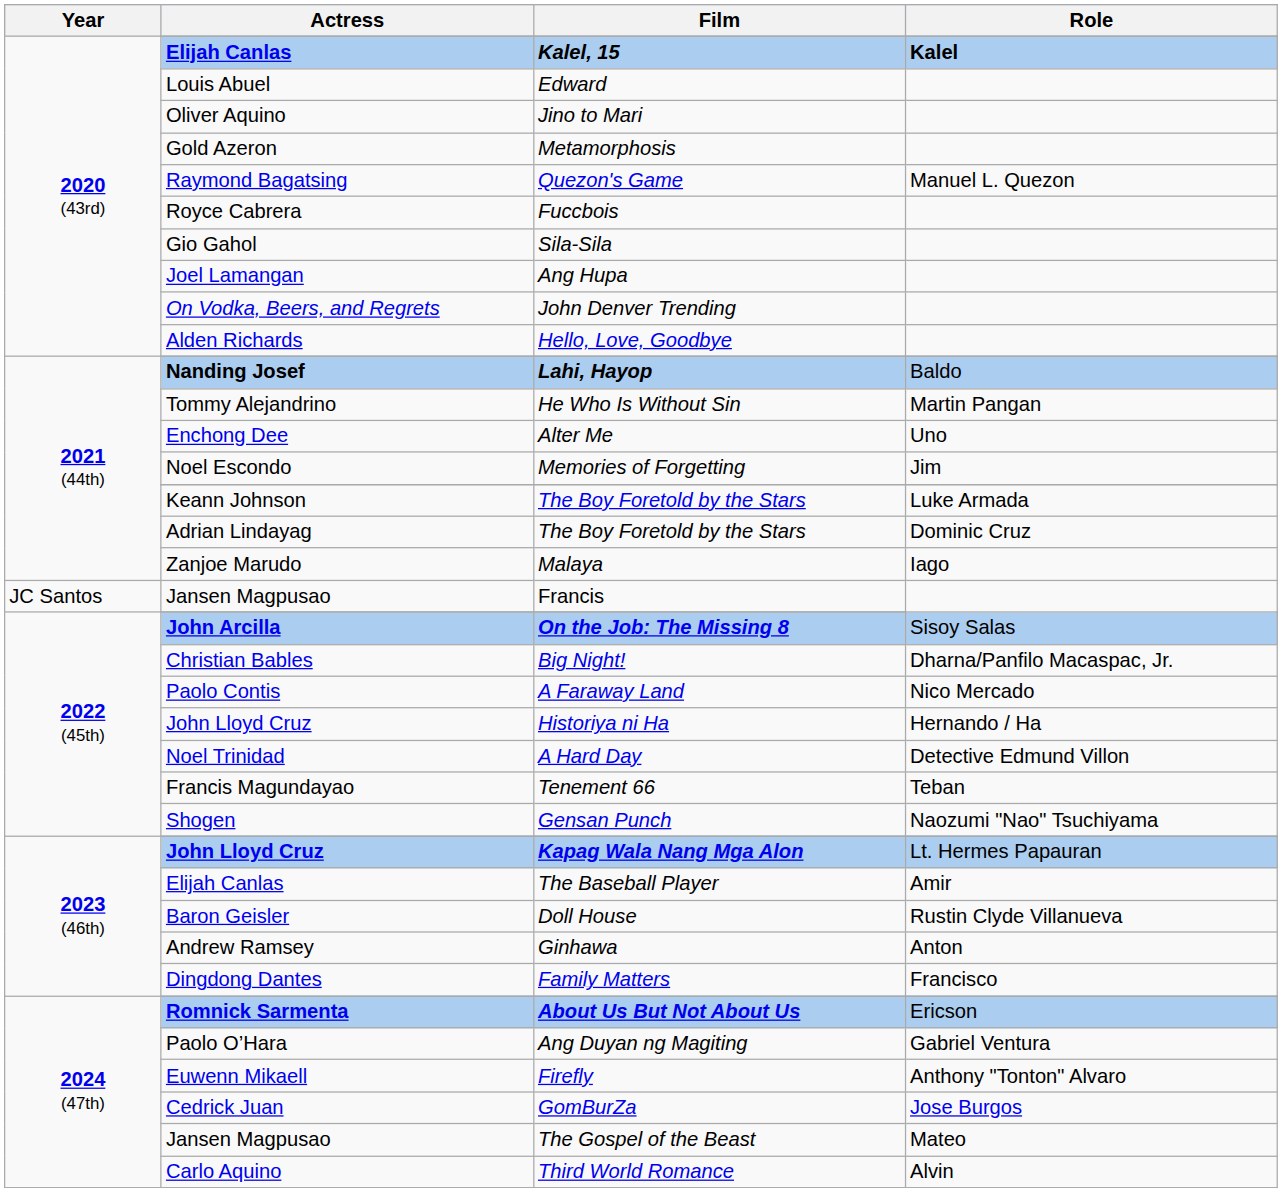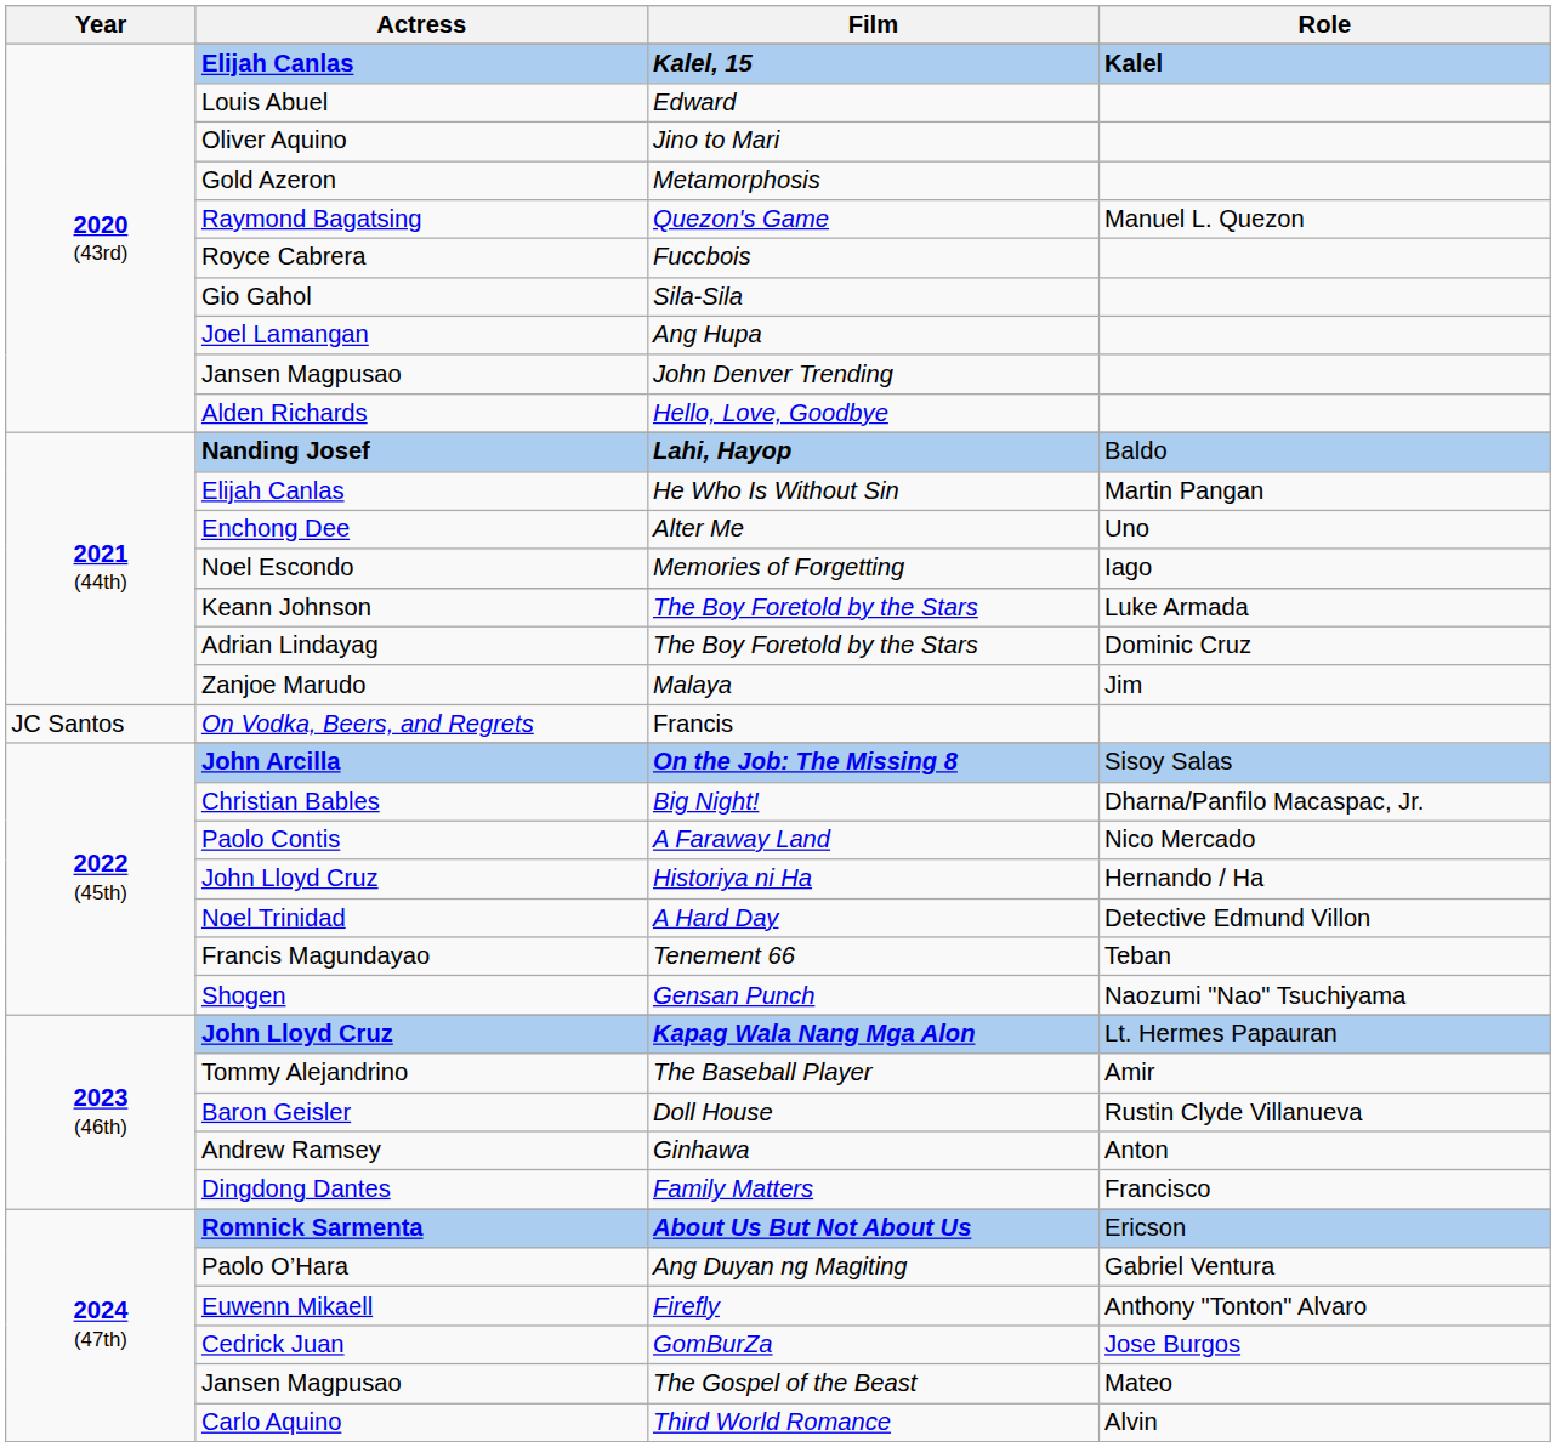 <table class="wikitable" style="width:80%">
 <tr bgcolor="#ABCDEF">
 <th width="8%">Year</th>
 <th width="19%">Actress</th>
 <th width="19%">Film</th>
 <th width="19%">Role</th>
 </tr>
 <tr>
 <td rowspan=11 style="text-align:center"><strong><a href='#'>2020</a></strong><br><small>(43rd)</small></td>
 </tr>
 <tr style="background:#ABCDEF">
 <td><strong><a href='#'>Elijah Canlas</a></strong></td>
 <td><strong><em>Kalel, 15</em></strong></td>
 <td><strong>Kalel</strong></td>
 </tr>
 <tr>
 <td>Louis Abuel</td>
 <td><em>Edward</em></td>
 <td></td>
 </tr>
 <tr>
 <td>Oliver Aquino</td>
 <td><em>Jino to Mari</em></td>
 <td></td>
 </tr>
 <tr>
 <td>Gold Azeron</td>
 <td><em>Metamorphosis</em></td>
 <td></td>
 </tr>
 <tr>
 <td><a href='#'>Raymond Bagatsing</a></td>
 <td><em><a href='#'>Quezon's Game</a></em></td>
 <td>Manuel L. Quezon</td>
 </tr>
 <tr>
 <td>Royce Cabrera</td>
 <td><em>Fuccbois</em></td>
 <td></td>
 </tr>
 <tr>
 <td>Gio Gahol</td>
 <td><em>Sila-Sila</em></td>
 <td></td>
 </tr>
 <tr>
 <td><a href='#'>Joel Lamangan</a></td>
 <td><em>Ang Hupa</em></td>
 <td></td>
 </tr>
 <tr>
-<td><em> <a href='#'>On Vodka, Beers, and Regrets</a> </em></td>
+<td>Jansen Magpusao</td>
 <td><em>John Denver Trending</em></td>
 <td></td>
 </tr>
 <tr>
 <td><a href='#'>Alden Richards</a></td>
 <td><em><a href='#'>Hello, Love, Goodbye</a></em></td>
 <td></td>
 </tr>
 <tr>
 <td rowspan=9 style="text-align:center"><strong><a href='#'>2021</a></strong><br><small>(44th)</small></td>
 </tr>
 <tr style="background:#ABCDEF">
 <td><strong>Nanding Josef</strong></td>
 <td><strong><em>Lahi, Hayop </em></strong></td>
 <td>Baldo</td>
 </tr>
 <tr>
-<td>Tommy Alejandrino</td>
+<td><a href='#'>Elijah Canlas</a></td>
 <td><em> He Who Is Without Sin </em></td>
 <td>Martin Pangan</td>
 </tr>
 <tr>
 <td><a href='#'>Enchong Dee</a></td>
 <td><em> Alter Me </em></td>
 <td>Uno</td>
 </tr>
 <tr>
 <td>Noel Escondo</td>
 <td><em> Memories of Forgetting </em></td>
-<td>Jim</td>
+<td>Iago</td>
 </tr>
 <tr>
 </tr>
 <tr>
 <td>Keann Johnson</td>
 <td><em> <a href='#'>The Boy Foretold by the Stars</a> </em></td>
 <td>Luke Armada</td>
 </tr>
 <tr>
 <td>Adrian Lindayag</td>
 <td><em> The Boy Foretold by the Stars </em></td>
 <td>Dominic Cruz</td>
 </tr>
 <tr>
 <td>Zanjoe Marudo</td>
 <td><em> Malaya </em></td>
-<td>Iago</td>
+<td>Jim</td>
 </tr>
 <tr>
 <td>JC Santos</td>
-<td>Jansen Magpusao</td>
+<td><em> <a href='#'>On Vodka, Beers, and Regrets</a> </em></td>
 <td>Francis</td>
 </tr>
 <tr>
 <td rowspan=8 style="text-align:center"><strong><a href='#'>2022</a></strong><br><small>(45th)</small></td>
 </tr>
 <tr style="background:#ABCDEF">
 <td><strong><a href='#'>John Arcilla</a></strong></td>
 <td><strong><em><a href='#'>On the Job: The Missing 8</a></em></strong></td>
 <td>Sisoy Salas</td>
 </tr>
 <tr>
 <td><a href='#'>Christian Bables</a></td>
 <td><em><a href='#'>Big Night!</a></em></td>
 <td>Dharna/Panfilo Macaspac, Jr.</td>
 </tr>
 <tr>
 <td><a href='#'>Paolo Contis</a></td>
 <td><em><a href='#'>A Faraway Land</a></em></td>
 <td>Nico Mercado</td>
 </tr>
 <tr>
 <td><a href='#'>John Lloyd Cruz</a></td>
 <td><em><a href='#'>Historiya ni Ha</a></em></td>
 <td>Hernando / Ha</td>
 </tr>
 <tr>
 <td><a href='#'>Noel Trinidad</a></td>
 <td><em><a href='#'>A Hard Day</a></em></td>
 <td>Detective Edmund Villon</td>
 </tr>
 <tr>
 <td>Francis Magundayao</td>
 <td><em>Tenement 66</em></td>
 <td>Teban</td>
 </tr>
 <tr>
 <td><a href='#'> Shogen</a></td>
 <td><em><a href='#'>Gensan Punch</a></em></td>
 <td>Naozumi "Nao" Tsuchiyama</td>
 </tr>
 <tr>
 <td rowspan=6 style="text-align:center"><strong><a href='#'>2023</a></strong><br><small>(46th)</small></td>
 </tr>
 <tr style="background:#ABCDEF">
 <td><strong><a href='#'>John Lloyd Cruz</a></strong></td>
 <td><strong><em><a href='#'>Kapag Wala Nang Mga Alon</a></em></strong></td>
 <td>Lt. Hermes Papauran</td>
 </tr>
 <tr>
-<td><a href='#'>Elijah Canlas</a></td>
+<td>Tommy Alejandrino</td>
 <td><em>The Baseball Player</em></td>
 <td>Amir</td>
 </tr>
 <tr>
 <td><a href='#'>Baron Geisler</a></td>
 <td><em>Doll House</em></td>
 <td>Rustin Clyde Villanueva</td>
 </tr>
 <tr>
 <td>Andrew Ramsey</td>
 <td><em>Ginhawa</em></td>
 <td>Anton</td>
 </tr>
 <tr>
 <td><a href='#'>Dingdong Dantes</a></td>
 <td><em><a href='#'>Family Matters</a></em></td>
 <td>Francisco</td>
 </tr>
 <tr>
 <td rowspan=7 style="text-align:center"><strong><a href='#'>2024</a></strong><br><small>(47th)</small></td>
 </tr>
 <tr style="background:#ABCDEF">
 <td><strong><a href='#'>Romnick Sarmenta</a></strong></td>
 <td><strong><em><a href='#'>About Us But Not About Us</a></em></strong></td>
 <td>Ericson</td>
 </tr>
 <tr>
 <td>Paolo O’Hara</td>
 <td><em>Ang Duyan ng Magiting</em></td>
 <td>Gabriel Ventura</td>
 </tr>
 <tr>
 <td><a href='#'>Euwenn Mikaell</a></td>
 <td><em><a href='#'>Firefly</a></em></td>
 <td>Anthony "Tonton" Alvaro</td>
 </tr>
 <tr>
 <td><a href='#'>Cedrick Juan</a></td>
 <td><em><a href='#'>GomBurZa</a></em></td>
 <td><a href='#'>Jose Burgos</a></td>
 </tr>
 <tr>
 <td>Jansen Magpusao</td>
 <td><em>The Gospel of the Beast</em></td>
 <td>Mateo</td>
 </tr>
 <tr>
 <td><a href='#'>Carlo Aquino </a></td>
 <td><em><a href='#'>Third World Romance</a></em></td>
 <td>Alvin</td>
 </tr>
 <tr>
 </tr>
 </table>
